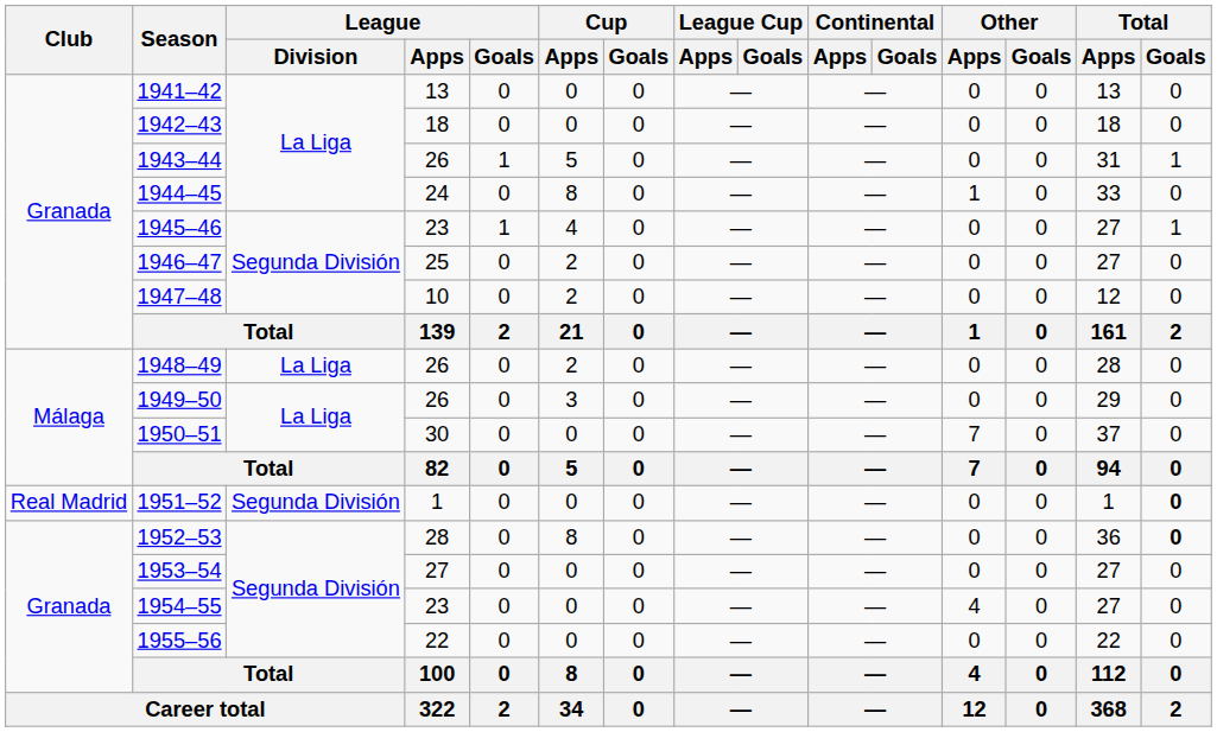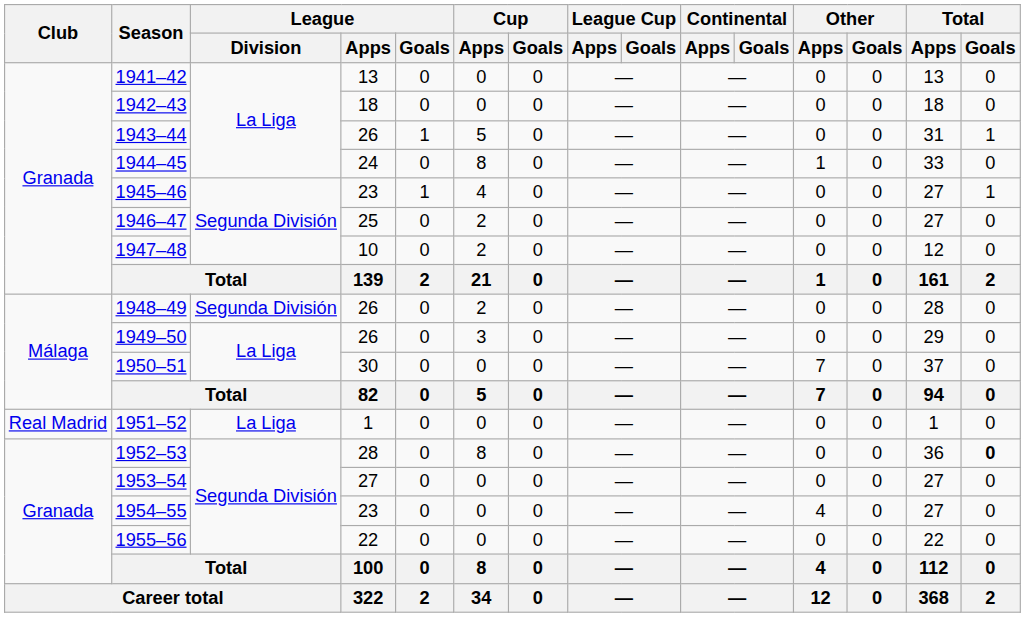 <table class="wikitable" style="text-align:center">
 <tr>
 <th rowspan="2">Club</th>
 <th rowspan="2">Season</th>
 <th colspan="3">League</th>
 <th colspan="2">Cup</th>
 <th colspan="2">League Cup</th>
 <th colspan="2">Continental</th>
 <th colspan="2">Other</th>
 <th colspan="2">Total</th>
 </tr>
 <tr>
 <th>Division</th>
 <th>Apps</th>
 <th>Goals</th>
 <th>Apps</th>
 <th>Goals</th>
 <th>Apps</th>
 <th>Goals</th>
 <th>Apps</th>
 <th>Goals</th>
 <th>Apps</th>
 <th>Goals</th>
 <th>Apps</th>
 <th>Goals</th>
 </tr>
 <tr>
 <td rowspan="8"><a href='#'>Granada</a></td>
 <td><a href='#'>1941–42</a></td>
 <td rowspan="4"><a href='#'>La Liga</a></td>
 <td>13</td>
 <td>0</td>
 <td>0</td>
 <td>0</td>
 <td colspan="2">—</td>
 <td colspan="2">—</td>
 <td>0</td>
 <td>0</td>
 <td>13</td>
 <td>0</td>
 </tr>
 <tr>
 <td><a href='#'>1942–43</a></td>
 <td>18</td>
 <td>0</td>
 <td>0</td>
 <td>0</td>
 <td colspan="2">—</td>
 <td colspan="2">—</td>
 <td>0</td>
 <td>0</td>
 <td>18</td>
 <td>0</td>
 </tr>
 <tr>
 <td><a href='#'>1943–44</a></td>
 <td>26</td>
 <td>1</td>
 <td>5</td>
 <td>0</td>
 <td colspan="2">—</td>
 <td colspan="2">—</td>
 <td>0</td>
 <td>0</td>
 <td>31</td>
 <td>1</td>
 </tr>
 <tr>
 <td><a href='#'>1944–45</a></td>
 <td>24</td>
 <td>0</td>
 <td>8</td>
 <td>0</td>
 <td colspan="2">—</td>
 <td colspan="2">—</td>
 <td>1</td>
 <td>0</td>
 <td>33</td>
 <td>0</td>
 </tr>
 <tr>
 <td><a href='#'>1945–46</a></td>
 <td rowspan="3"><a href='#'>Segunda División</a></td>
 <td>23</td>
 <td>1</td>
 <td>4</td>
 <td>0</td>
 <td colspan="2">—</td>
 <td colspan="2">—</td>
 <td>0</td>
 <td>0</td>
 <td>27</td>
 <td>1</td>
 </tr>
 <tr>
 <td><a href='#'>1946–47</a></td>
 <td>25</td>
 <td>0</td>
 <td>2</td>
 <td>0</td>
 <td colspan="2">—</td>
 <td colspan="2">—</td>
 <td>0</td>
 <td>0</td>
 <td>27</td>
 <td>0</td>
 </tr>
 <tr>
 <td><a href='#'>1947–48</a></td>
 <td>10</td>
 <td>0</td>
 <td>2</td>
 <td>0</td>
 <td colspan="2">—</td>
 <td colspan="2">—</td>
 <td>0</td>
 <td>0</td>
 <td>12</td>
 <td>0</td>
 </tr>
 <tr>
 <th colspan="2">Total</th>
 <th>139</th>
 <th>2</th>
 <th>21</th>
 <th>0</th>
 <th colspan="2">—</th>
 <th colspan="2">—</th>
 <th>1</th>
 <th>0</th>
 <th>161</th>
 <th>2</th>
 </tr>
 <tr>
 <td rowspan="4"><a href='#'>Málaga</a></td>
 <td><a href='#'>1948–49</a></td>
-<td rowspan="1"><a href='#'>La Liga</a></td>
+<td rowspan="1"><a href='#'>Segunda División</a></td>
 <td>26</td>
 <td>0</td>
 <td>2</td>
 <td>0</td>
 <td colspan="2">—</td>
 <td colspan="2">—</td>
 <td>0</td>
 <td>0</td>
 <td>28</td>
 <td>0</td>
 </tr>
 <tr>
 <td><a href='#'>1949–50</a></td>
 <td rowspan="2"><a href='#'>La Liga</a></td>
 <td>26</td>
 <td>0</td>
 <td>3</td>
 <td>0</td>
 <td colspan="2">—</td>
 <td colspan="2">—</td>
 <td>0</td>
 <td>0</td>
 <td>29</td>
 <td>0</td>
 </tr>
 <tr>
 <td><a href='#'>1950–51</a></td>
 <td>30</td>
 <td>0</td>
 <td>0</td>
 <td>0</td>
 <td colspan="2">—</td>
 <td colspan="2">—</td>
 <td>7</td>
 <td>0</td>
 <td>37</td>
 <td>0</td>
 </tr>
 <tr>
 <th colspan="2">Total</th>
 <th>82</th>
 <th>0</th>
 <th>5</th>
 <th>0</th>
 <th colspan="2">—</th>
 <th colspan="2">—</th>
 <th>7</th>
 <th>0</th>
 <th>94</th>
 <th>0</th>
 </tr>
 <tr>
 <td rowspan="1"><a href='#'>Real Madrid</a></td>
 <td><a href='#'>1951–52</a></td>
-<td rowspan="1"><a href='#'>Segunda División</a></td>
+<td rowspan="1"><a href='#'>La Liga</a></td>
 <td>1</td>
 <td>0</td>
 <td>0</td>
 <td>0</td>
 <td colspan="2">—</td>
 <td colspan="2">—</td>
 <td>0</td>
 <td>0</td>
 <td>1</td>
-<td><strong>0</strong></td>
+<td>0</td>
 </tr>
 <tr>
 <td rowspan="5"><a href='#'>Granada</a></td>
 <td><a href='#'>1952–53</a></td>
 <td rowspan="4"><a href='#'>Segunda División</a></td>
 <td>28</td>
 <td>0</td>
 <td>8</td>
 <td>0</td>
 <td colspan="2">—</td>
 <td colspan="2">—</td>
 <td>0</td>
 <td>0</td>
 <td>36</td>
 <td><strong>0</strong></td>
 </tr>
 <tr>
 <td><a href='#'>1953–54</a></td>
 <td>27</td>
 <td>0</td>
 <td>0</td>
 <td>0</td>
 <td colspan="2">—</td>
 <td colspan="2">—</td>
 <td>0</td>
 <td>0</td>
 <td>27</td>
 <td>0</td>
 </tr>
 <tr>
 <td><a href='#'>1954–55</a></td>
 <td>23</td>
 <td>0</td>
 <td>0</td>
 <td>0</td>
 <td colspan="2">—</td>
 <td colspan="2">—</td>
 <td>4</td>
 <td>0</td>
 <td>27</td>
 <td>0</td>
 </tr>
 <tr>
 <td><a href='#'>1955–56</a></td>
 <td>22</td>
 <td>0</td>
 <td>0</td>
 <td>0</td>
 <td colspan="2">—</td>
 <td colspan="2">—</td>
 <td>0</td>
 <td>0</td>
 <td>22</td>
 <td>0</td>
 </tr>
 <tr>
 <th colspan="2">Total</th>
 <th>100</th>
 <th>0</th>
 <th>8</th>
 <th>0</th>
 <th colspan="2">—</th>
 <th colspan="2">—</th>
 <th>4</th>
 <th>0</th>
 <th>112</th>
 <th>0</th>
 </tr>
 <tr>
 <th colspan="3">Career total</th>
 <th>322</th>
 <th>2</th>
 <th>34</th>
 <th>0</th>
 <th colspan="2">—</th>
 <th colspan="2">—</th>
 <th>12</th>
 <th>0</th>
 <th>368</th>
 <th>2</th>
 </tr>
 </table>
